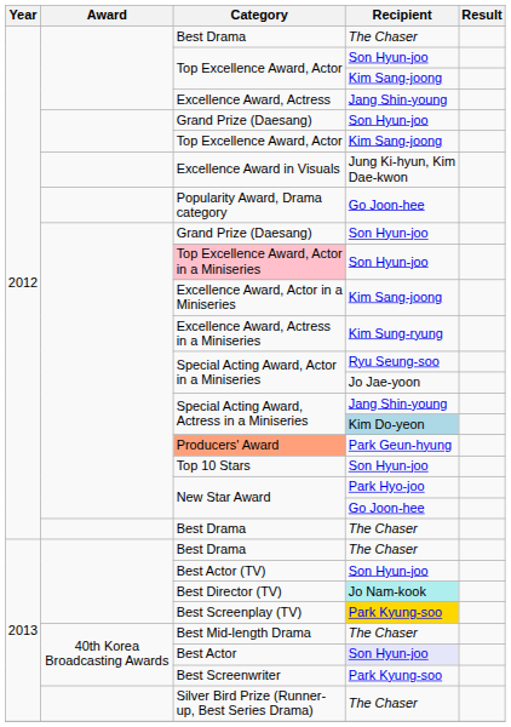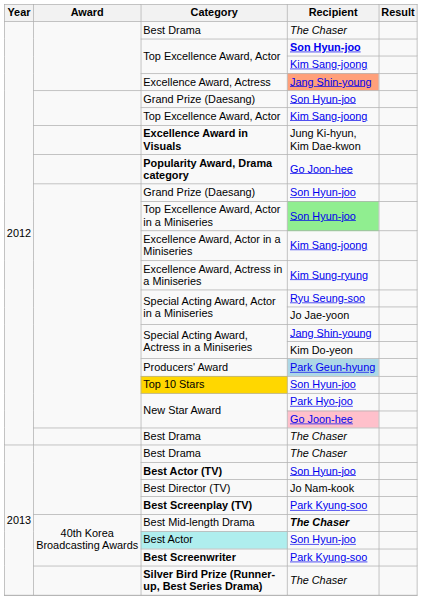 <table class="wikitable">
 <tr>
 <th>Year</th>
 <th>Award</th>
 <th>Category</th>
 <th>Recipient</th>
 <th>Result</th>
 </tr>
 <tr>
 <td rowspan=21>2012</td>
 <td rowspan=4></td>
 <td>Best Drama</td>
 <td><em>The Chaser</em></td>
 <td></td>
 </tr>
 <tr>
 <td rowspan=2>Top Excellence Award, Actor</td>
-<td><a href='#'>Son Hyun-joo</a></td>
+<td><strong><a href='#'>Son Hyun-joo</a></strong></td>
 <td></td>
 </tr>
 <tr>
 <td><a href='#'>Kim Sang-joong</a></td>
 <td></td>
 </tr>
 <tr>
 <td>Excellence Award, Actress</td>
-<td><a href='#'>Jang Shin-young</a></td>
+<td style="background: lightsalmon;"><a href='#'>Jang Shin-young</a></td>
 <td></td>
 </tr>
 <tr>
 <td rowspan=2></td>
 <td>Grand Prize (Daesang)</td>
 <td><a href='#'>Son Hyun-joo</a></td>
 <td></td>
 </tr>
 <tr>
 <td>Top Excellence Award, Actor</td>
 <td><a href='#'>Kim Sang-joong</a></td>
 <td></td>
 </tr>
 <tr>
 <td></td>
-<td>Excellence Award in Visuals</td>
+<td><strong>Excellence Award in Visuals</strong></td>
 <td>Jung Ki-hyun, Kim Dae-kwon</td>
 <td></td>
 </tr>
 <tr>
 <td></td>
-<td>Popularity Award, Drama category</td>
+<td><strong>Popularity Award, Drama category</strong></td>
 <td><a href='#'>Go Joon-hee</a></td>
 <td></td>
 </tr>
 <tr>
 <td rowspan=12></td>
 <td>Grand Prize (Daesang)</td>
 <td><a href='#'>Son Hyun-joo</a></td>
 <td></td>
 </tr>
 <tr>
-<td style="background: pink;">Top Excellence Award, Actor in a Miniseries</td>
-<td><a href='#'>Son Hyun-joo</a></td>
+<td>Top Excellence Award, Actor in a Miniseries</td>
+<td style="background: lightgreen;"><a href='#'>Son Hyun-joo</a></td>
 <td></td>
 </tr>
 <tr>
 <td>Excellence Award, Actor in a Miniseries</td>
 <td><a href='#'>Kim Sang-joong</a></td>
 <td></td>
 </tr>
 <tr>
 <td>Excellence Award, Actress in a Miniseries</td>
 <td><a href='#'>Kim Sung-ryung</a></td>
 <td></td>
 </tr>
 <tr>
 <td rowspan=2>Special Acting Award, Actor in a Miniseries</td>
 <td><a href='#'>Ryu Seung-soo</a></td>
 <td></td>
 </tr>
 <tr>
 <td>Jo Jae-yoon</td>
 <td></td>
 </tr>
 <tr>
 <td rowspan=2>Special Acting Award, Actress in a Miniseries</td>
 <td><a href='#'>Jang Shin-young</a></td>
 <td></td>
 </tr>
 <tr>
-<td style="background: lightblue;">Kim Do-yeon</td>
+<td>Kim Do-yeon</td>
 <td></td>
 </tr>
 <tr>
-<td style="background: lightsalmon;">Producers' Award</td>
-<td><a href='#'>Park Geun-hyung</a></td>
+<td>Producers' Award</td>
+<td style="background: lightblue;"><a href='#'>Park Geun-hyung</a></td>
 <td></td>
 </tr>
 <tr>
-<td>Top 10 Stars</td>
+<td style="background: gold;">Top 10 Stars</td>
 <td><a href='#'>Son Hyun-joo</a></td>
 <td></td>
 </tr>
 <tr>
 <td rowspan=2>New Star Award</td>
 <td><a href='#'>Park Hyo-joo</a></td>
 <td></td>
 </tr>
 <tr>
-<td><a href='#'>Go Joon-hee</a></td>
+<td style="background: pink;"><a href='#'>Go Joon-hee</a></td>
 <td></td>
 </tr>
 <tr>
 <td></td>
 <td>Best Drama</td>
 <td><em>The Chaser</em></td>
 <td></td>
 </tr>
 <tr>
 <td rowspan=8>2013</td>
 <td rowspan=4></td>
 <td>Best Drama</td>
 <td><em>The Chaser</em></td>
 <td></td>
 </tr>
 <tr>
-<td>Best Actor (TV)</td>
+<td><strong>Best Actor (TV)</strong></td>
 <td><a href='#'>Son Hyun-joo</a></td>
 <td></td>
 </tr>
 <tr>
 <td>Best Director (TV)</td>
-<td style="background: paleturquoise;">Jo Nam-kook</td>
+<td>Jo Nam-kook</td>
 <td></td>
 </tr>
 <tr>
-<td>Best Screenplay (TV)</td>
-<td style="background: gold;"><a href='#'>Park Kyung-soo</a></td>
+<td><strong>Best Screenplay (TV)</strong></td>
+<td><a href='#'>Park Kyung-soo</a></td>
 <td></td>
 </tr>
 <tr>
 <td rowspan=3 style="text-align:center;">40th Korea Broadcasting Awards</td>
 <td>Best Mid-length Drama</td>
-<td><em>The Chaser</em></td>
+<td><strong><em>The Chaser</em></strong></td>
 <td></td>
 </tr>
 <tr>
-<td>Best Actor</td>
-<td style="background: lavender;"><a href='#'>Son Hyun-joo</a></td>
+<td style="background: paleturquoise;">Best Actor</td>
+<td><a href='#'>Son Hyun-joo</a></td>
 <td></td>
 </tr>
 <tr>
-<td>Best Screenwriter</td>
+<td><strong>Best Screenwriter</strong></td>
 <td><a href='#'>Park Kyung-soo</a></td>
 <td></td>
 </tr>
 <tr>
 <td></td>
-<td>Silver Bird Prize (Runner-up, Best Series Drama)</td>
+<td><strong>Silver Bird Prize (Runner-up, Best Series Drama)</strong></td>
 <td><em>The Chaser</em></td>
 <td></td>
 </tr>
 <tr>
 </tr>
 </table>
